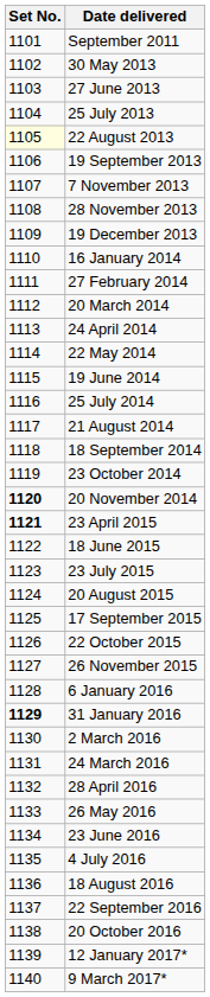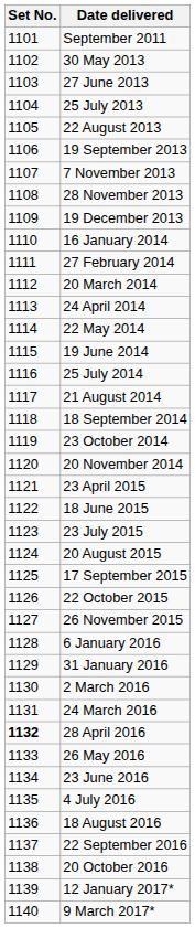 <table class="wikitable">
 <tr>
 <th>Set No.</th>
 <th>Date delivered</th>
 </tr>
 <tr>
 <td>1101</td>
 <td>September 2011</td>
 </tr>
 <tr>
 <td>1102</td>
 <td>30 May 2013</td>
 </tr>
 <tr>
 <td>1103</td>
 <td>27 June 2013</td>
 </tr>
 <tr>
 <td>1104</td>
 <td>25 July 2013</td>
 </tr>
 <tr>
-<td style="background: lightyellow;">1105</td>
+<td>1105</td>
 <td>22 August 2013</td>
 </tr>
 <tr>
 <td>1106</td>
 <td>19 September 2013</td>
 </tr>
 <tr>
 <td>1107</td>
 <td>7 November 2013</td>
 </tr>
 <tr>
 <td>1108</td>
 <td>28 November 2013</td>
 </tr>
 <tr>
 <td>1109</td>
 <td>19 December 2013</td>
 </tr>
 <tr>
 <td>1110</td>
 <td>16 January 2014</td>
 </tr>
 <tr>
 <td>1111</td>
 <td>27 February 2014</td>
 </tr>
 <tr>
 <td>1112</td>
 <td>20 March 2014</td>
 </tr>
 <tr>
 <td>1113</td>
 <td>24 April 2014</td>
 </tr>
 <tr>
 <td>1114</td>
 <td>22 May 2014</td>
 </tr>
 <tr>
 <td>1115</td>
 <td>19 June 2014</td>
 </tr>
 <tr>
 <td>1116</td>
 <td>25 July 2014</td>
 </tr>
 <tr>
 <td>1117</td>
 <td>21 August 2014</td>
 </tr>
 <tr>
 <td>1118</td>
 <td>18 September 2014</td>
 </tr>
 <tr>
 <td>1119</td>
 <td>23 October 2014</td>
 </tr>
 <tr>
-<td><strong>1120</strong></td>
+<td>1120</td>
 <td>20 November 2014</td>
 </tr>
 <tr>
-<td><strong>1121</strong></td>
+<td>1121</td>
 <td>23 April 2015</td>
 </tr>
 <tr>
 <td>1122</td>
 <td>18 June 2015</td>
 </tr>
 <tr>
 <td>1123</td>
 <td>23 July 2015</td>
 </tr>
 <tr>
 <td>1124</td>
 <td>20 August 2015</td>
 </tr>
 <tr>
 <td>1125</td>
 <td>17 September 2015</td>
 </tr>
 <tr>
 <td>1126</td>
 <td>22 October 2015</td>
 </tr>
 <tr>
 <td>1127</td>
 <td>26 November 2015</td>
 </tr>
 <tr>
 <td>1128</td>
 <td>6 January 2016</td>
 </tr>
 <tr>
-<td><strong>1129</strong></td>
+<td>1129</td>
 <td>31 January 2016</td>
 </tr>
 <tr>
 <td>1130</td>
 <td>2 March 2016</td>
 </tr>
 <tr>
 <td>1131</td>
 <td>24 March 2016</td>
 </tr>
 <tr>
-<td>1132</td>
+<td><strong>1132</strong></td>
 <td>28 April 2016</td>
 </tr>
 <tr>
 <td>1133</td>
 <td>26 May 2016</td>
 </tr>
 <tr>
 <td>1134</td>
 <td>23 June 2016</td>
 </tr>
 <tr>
 <td>1135</td>
 <td>4 July 2016</td>
 </tr>
 <tr>
 <td>1136</td>
 <td>18 August 2016</td>
 </tr>
 <tr>
 <td>1137</td>
 <td>22 September 2016</td>
 </tr>
 <tr>
 <td>1138</td>
 <td>20 October 2016</td>
 </tr>
 <tr>
 <td>1139</td>
 <td>12 January 2017*</td>
 </tr>
 <tr>
 <td>1140</td>
 <td>9 March 2017*</td>
 </tr>
 </table>
